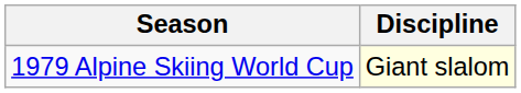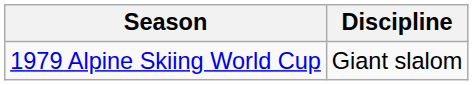 <table class="wikitable">
 <tr>
 <th>Season</th>
 <th>Discipline</th>
 </tr>
 <tr>
 <td><a href='#'>1979 Alpine Skiing World Cup</a></td>
-<td style="background: lightyellow;">Giant slalom</td>
+<td>Giant slalom</td>
 </tr>
 </table>
